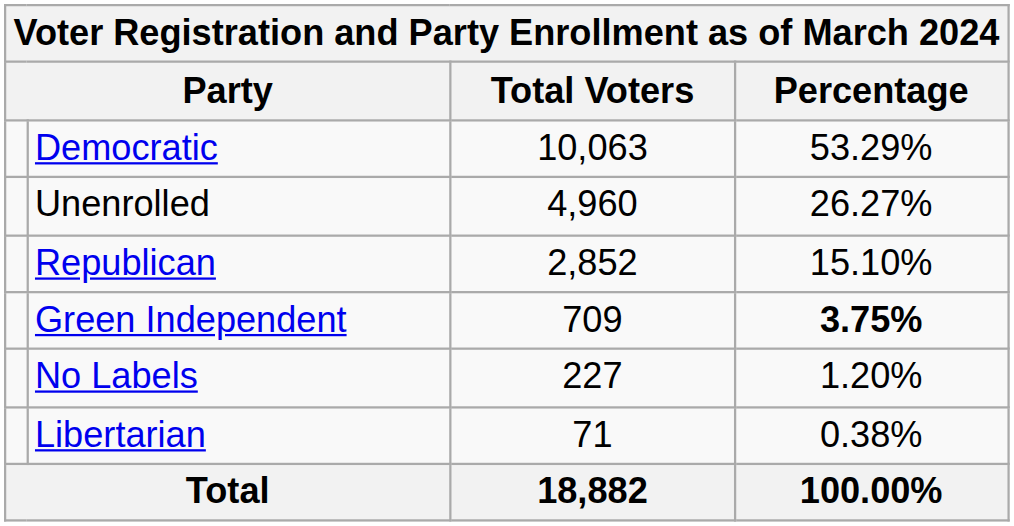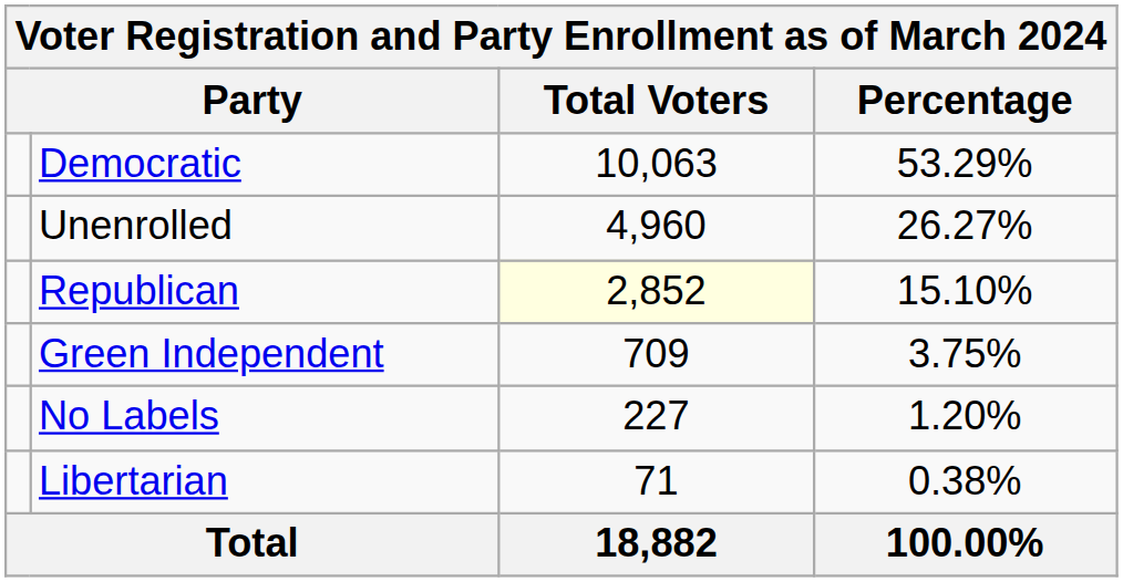 <table class=wikitable>
 <tr>
 <th colspan = 6>Voter Registration and Party Enrollment as of March 2024</th>
 </tr>
 <tr>
 <th colspan = 2>Party</th>
 <th>Total Voters</th>
 <th>Percentage</th>
 </tr>
 <tr>
 <td></td>
 <td><a href='#'>Democratic</a></td>
 <td align = center>10,063</td>
 <td align = center>53.29%</td>
 </tr>
 <tr>
 <td></td>
 <td>Unenrolled</td>
 <td align = center>4,960</td>
 <td align = center>26.27%</td>
 </tr>
 <tr>
 <td></td>
 <td><a href='#'>Republican</a></td>
-<td align = center>2,852</td>
+<td align = center style="background: lightyellow;">2,852</td>
 <td align = center>15.10%</td>
 </tr>
 <tr>
 <td></td>
 <td><a href='#'>Green Independent</a></td>
 <td align = center>709</td>
-<td align = center><strong>3.75%</strong></td>
+<td align = center>3.75%</td>
 </tr>
 <tr>
 <td></td>
 <td><a href='#'>No Labels</a></td>
 <td align = center>227</td>
 <td align = center>1.20%</td>
 </tr>
 <tr>
 <td></td>
 <td><a href='#'>Libertarian</a></td>
 <td align = center>71</td>
 <td align = center>0.38%</td>
 </tr>
 <tr>
 <th colspan = 2>Total</th>
 <th align = center>18,882</th>
 <th align = center>100.00%</th>
 </tr>
 </table>
